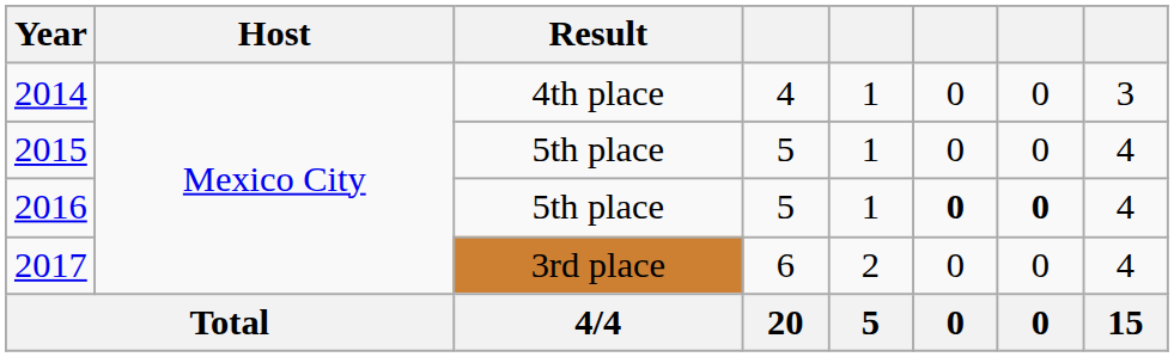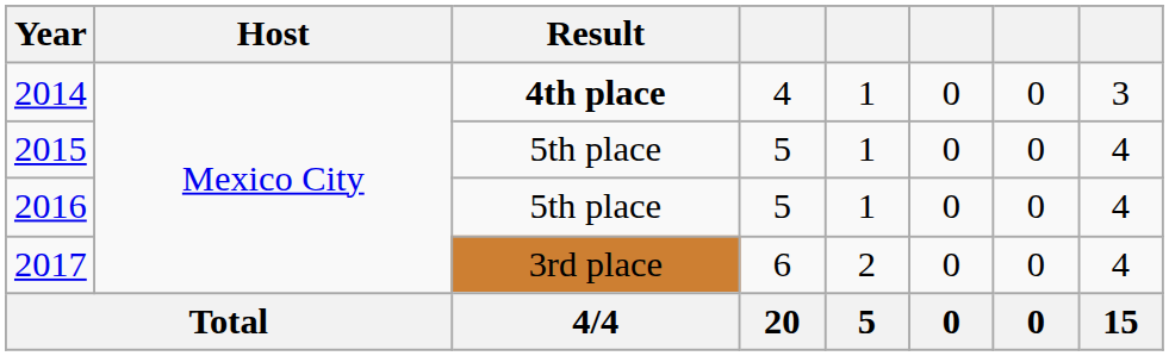 <table class="wikitable" style="text-align:center">
 <tr>
 <th width=30>Year</th>
 <th width=150>Host</th>
 <th width=120>Result</th>
 <th width=30></th>
 <th width=30></th>
 <th width=30></th>
 <th width=30></th>
 <th width=30></th>
 </tr>
 <tr>
 <td><a href='#'>2014</a></td>
 <td rowspan=4> <a href='#'>Mexico City</a></td>
-<td>4th place</td>
+<td><strong>4th place</strong></td>
 <td>4</td>
 <td>1</td>
 <td>0</td>
 <td>0</td>
 <td>3</td>
 </tr>
 <tr>
 <td><a href='#'>2015</a></td>
 <td>5th place</td>
 <td>5</td>
 <td>1</td>
 <td>0</td>
 <td>0</td>
 <td>4</td>
 </tr>
 <tr>
 <td><a href='#'>2016</a></td>
 <td>5th place</td>
 <td>5</td>
 <td>1</td>
-<td><strong>0</strong></td>
-<td><strong>0</strong></td>
+<td>0</td>
+<td>0</td>
 <td>4</td>
 </tr>
 <tr>
 <td><a href='#'>2017</a></td>
 <td bgcolor="#cd7f32"> 3rd place</td>
 <td>6</td>
 <td>2</td>
 <td>0</td>
 <td>0</td>
 <td>4</td>
 </tr>
 <tr>
 <th colspan=2>Total</th>
 <th>4/4</th>
 <th>20</th>
 <th>5</th>
 <th>0</th>
 <th>0</th>
 <th>15</th>
 </tr>
 </table>
